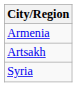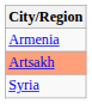 <table class="wikitable">
 <tr>
 <th>City/Region</th>
 </tr>
 <tr>
 <td><a href='#'>Armenia</a></td>
 </tr>
 <tr>
-<td><a href='#'>Artsakh</a></td>
+<td style="background: lightsalmon;"><a href='#'>Artsakh</a></td>
 </tr>
 <tr>
 <td><a href='#'>Syria</a></td>
 </tr>
 </table>
